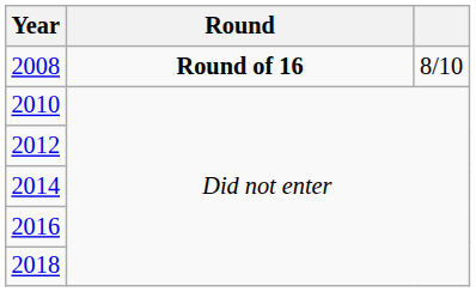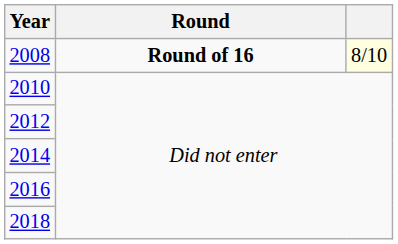 <table class="wikitable" style="text-align: center; font-size:90%">
 <tr>
 <th>Year</th>
 <th style="width:200px">Round</th>
 <th></th>
 </tr>
 <tr>
 <td><a href='#'>2008</a></td>
 <td><strong>Round of 16</strong></td>
-<td>8/10</td>
+<td style="background: lightyellow;">8/10</td>
 </tr>
 <tr>
 <td><a href='#'>2010</a></td>
 <td colspan="2" rowspan="5"><em>Did not enter</em></td>
 </tr>
 <tr>
 <td><a href='#'>2012</a></td>
 </tr>
 <tr>
 <td><a href='#'>2014</a></td>
 </tr>
 <tr>
 <td><a href='#'>2016</a></td>
 </tr>
 <tr>
 <td><a href='#'>2018</a></td>
 </tr>
 </table>
